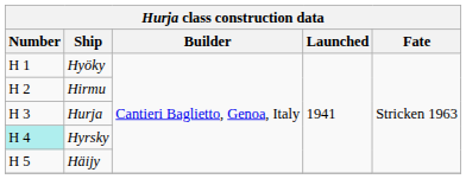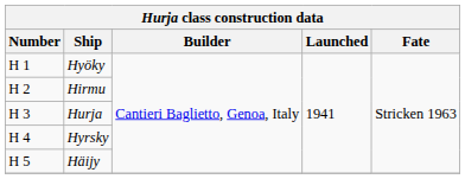 <table class="wikitable" style="font-size:95%;">
 <tr>
 <th colspan="5"><em>Hurja</em> class construction data</th>
 </tr>
 <tr>
 <th scope="col">Number</th>
 <th scope="col">Ship</th>
 <th scope="col">Builder</th>
 <th scope="col">Launched</th>
 <th scope="col">Fate</th>
 </tr>
 <tr>
 <td scope="row">H 1</td>
 <td><em>Hyöky</em></td>
 <td rowspan="5"><a href='#'>Cantieri Baglietto</a>, <a href='#'>Genoa</a>, Italy</td>
 <td rowspan="5">1941</td>
 <td rowspan="5">Stricken 1963</td>
 </tr>
 <tr>
 <td scope="row">H 2</td>
 <td><em>Hirmu</em></td>
 </tr>
 <tr>
 <td scope="row">H 3</td>
 <td><em>Hurja</em></td>
 </tr>
 <tr>
-<td scope="row" style="background: paleturquoise;">H 4</td>
+<td scope="row">H 4</td>
 <td><em>Hyrsky</em></td>
 </tr>
 <tr>
 <td scope="row">H 5</td>
 <td><em>Häijy</em></td>
 </tr>
 <tr>
 </tr>
 </table>
